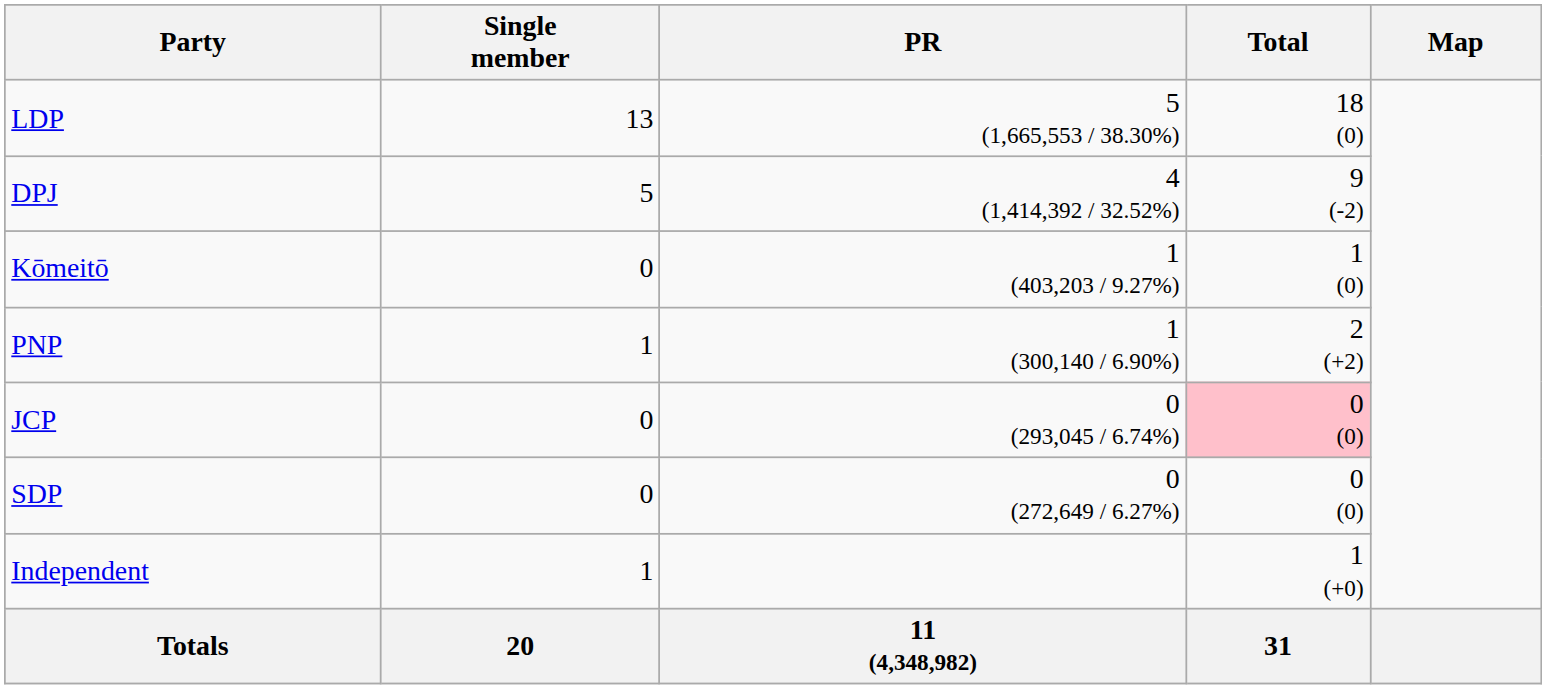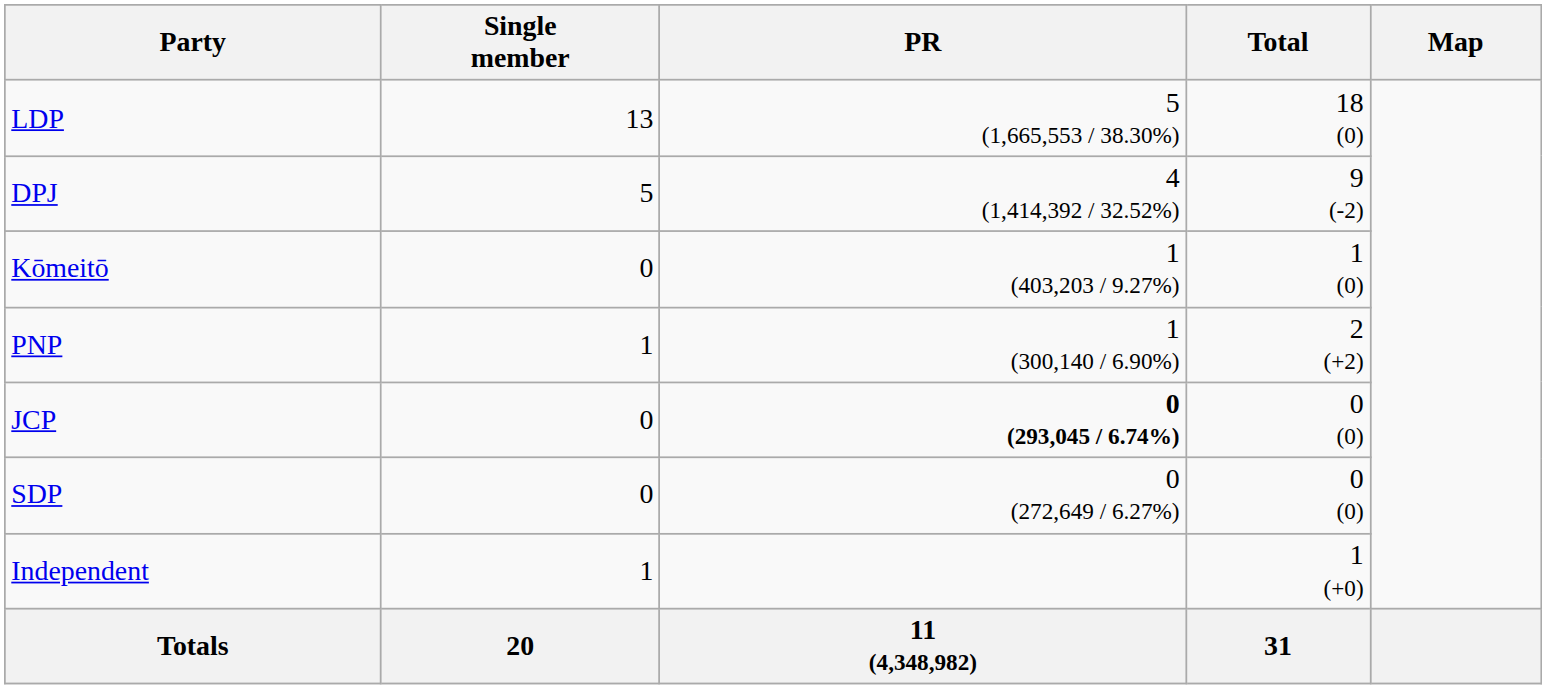 <table class="wikitable" width="100%">
 <tr>
 <th>Party</th>
 <th>Single<br>member</th>
 <th>PR</th>
 <th>Total</th>
 <th>Map</th>
 </tr>
 <tr>
 <td><a href='#'>LDP</a></td>
 <td align="right">13</td>
 <td align="right">5<br><small>(1,665,553 / 38.30%)</small></td>
 <td align="right">18<br><small>(0)</small></td>
 <td rowspan=7 align="center"></td>
 </tr>
 <tr>
 <td><a href='#'>DPJ</a></td>
 <td align="right">5</td>
 <td align="right">4<br><small>(1,414,392 / 32.52%)</small></td>
 <td align="right">9<br><small>(-2)</small></td>
 </tr>
 <tr>
 <td><a href='#'>Kōmeitō</a></td>
 <td align="right">0</td>
 <td align="right">1<br><small>(403,203 / 9.27%)</small></td>
 <td align="right">1<br><small>(0)</small></td>
 </tr>
 <tr>
 <td><a href='#'>PNP</a></td>
 <td align="right">1</td>
 <td align="right">1<br><small>(300,140 / 6.90%)</small></td>
 <td align="right">2<br><small>(+2)</small></td>
 </tr>
 <tr>
 <td><a href='#'>JCP</a></td>
 <td align="right">0</td>
-<td align="right">0<br><small>(293,045 / 6.74%)</small></td>
-<td align="right" style="background: pink;">0<br><small>(0)</small></td>
+<td align="right"><strong>0<br><small>(293,045 / 6.74%)</small></strong></td>
+<td align="right">0<br><small>(0)</small></td>
 </tr>
 <tr>
 <td><a href='#'>SDP</a></td>
 <td align="right">0</td>
 <td align="right">0<br><small>(272,649 / 6.27%)</small></td>
 <td align="right">0<br><small>(0)</small></td>
 </tr>
 <tr>
 <td><a href='#'>Independent</a></td>
 <td align="right">1</td>
 <td align="right"></td>
 <td align="right">1<br><small>(+0)</small></td>
 </tr>
 <tr bgcolor=lightgrey>
 <th><strong>Totals</strong></th>
 <th align="right">20</th>
 <th align="right">11<br><small>(4,348,982)</small></th>
 <th align="right">31</th>
 <th></th>
 </tr>
 </table>
